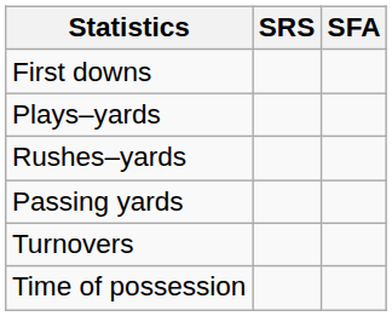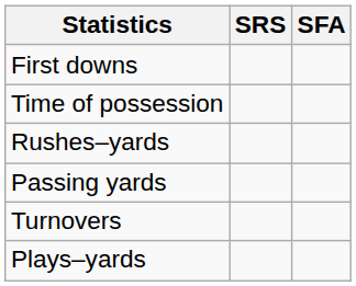 <table class="wikitable" style="float:left">
 <tr>
 <th>Statistics</th>
 <th>SRS</th>
 <th>SFA</th>
 </tr>
 <tr>
 <td>First downs</td>
 <td></td>
 <td></td>
 </tr>
 <tr>
-<td>Plays–yards</td>
+<td>Time of possession</td>
 <td></td>
 <td></td>
 </tr>
 <tr>
 <td>Rushes–yards</td>
 <td></td>
 <td></td>
 </tr>
 <tr>
 <td>Passing yards</td>
 <td></td>
 <td></td>
 </tr>
 <tr>
 <td>Turnovers</td>
 <td></td>
 <td></td>
 </tr>
 <tr>
-<td>Time of possession</td>
+<td>Plays–yards</td>
 <td></td>
 <td></td>
 </tr>
 </table>
